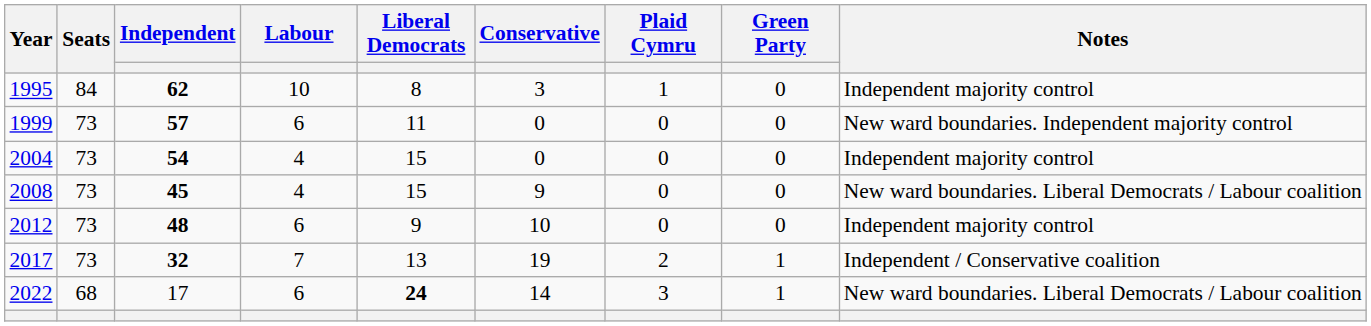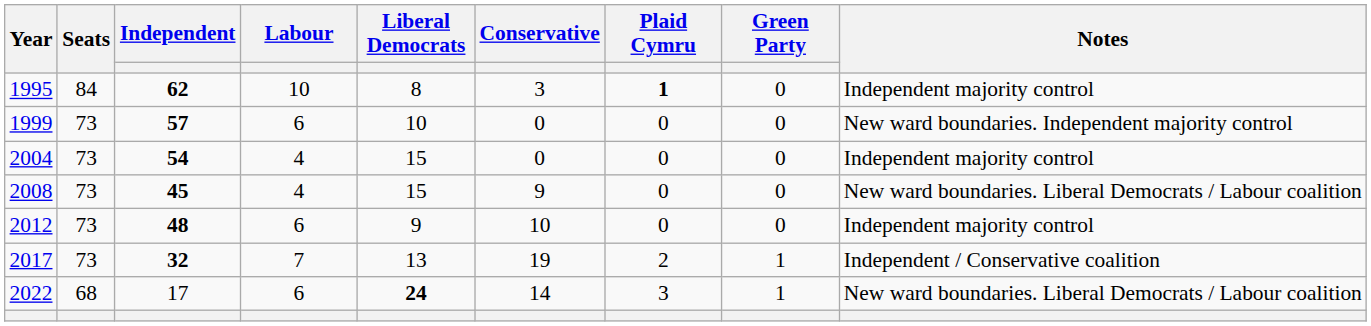 <table class="wikitable" style=text-align:center>
 <tr>
 <th rowspan=2>Year</th>
 <th rowspan=2>Seats</th>
 <th width="80"><a href='#'>Independent</a></th>
 <th width="80"><a href='#'>Labour</a></th>
 <th width="80"><a href='#'>Liberal Democrats</a></th>
 <th width="80"><a href='#'>Conservative</a></th>
 <th width="80"><a href='#'>Plaid Cymru</a></th>
 <th width="80"><a href='#'>Green Party</a></th>
 <th rowspan=2>Notes</th>
 </tr>
 <tr>
 <th style="background-color: "></th>
 <th style="background-color: "></th>
 <th style="background-color: "></th>
 <th style="background-color: "></th>
 <th style="background-color: "></th>
 <th style="background-color: "></th>
 </tr>
 <tr>
 <td><a href='#'>1995</a></td>
 <td>84</td>
 <td><strong>62</strong></td>
 <td>10</td>
 <td>8</td>
 <td>3</td>
-<td>1</td>
+<td><strong>1</strong></td>
 <td>0</td>
 <td align=left>Independent majority control</td>
 </tr>
 <tr>
 <td><a href='#'>1999</a></td>
 <td>73</td>
 <td><strong>57</strong></td>
 <td>6</td>
-<td>11</td>
+<td>10</td>
 <td>0</td>
 <td>0</td>
 <td>0</td>
 <td align=left>New ward boundaries. Independent majority control</td>
 </tr>
 <tr>
 <td><a href='#'>2004</a></td>
 <td>73</td>
 <td><strong>54</strong></td>
 <td>4</td>
 <td>15</td>
 <td>0</td>
 <td>0</td>
 <td>0</td>
 <td align=left>Independent majority control</td>
 </tr>
 <tr>
 <td><a href='#'>2008</a></td>
 <td>73</td>
 <td><strong>45</strong></td>
 <td>4</td>
 <td>15</td>
 <td>9</td>
 <td>0</td>
 <td>0</td>
 <td align=left>New ward boundaries. Liberal Democrats / Labour coalition</td>
 </tr>
 <tr>
 <td><a href='#'>2012</a></td>
 <td>73</td>
 <td><strong>48</strong></td>
 <td>6</td>
 <td>9</td>
 <td>10</td>
 <td>0</td>
 <td>0</td>
 <td align=left>Independent majority control</td>
 </tr>
 <tr>
 <td><a href='#'>2017</a></td>
 <td>73</td>
 <td><strong>32</strong></td>
 <td>7</td>
 <td>13</td>
 <td>19</td>
 <td>2</td>
 <td>1</td>
 <td align=left>Independent / Conservative coalition</td>
 </tr>
 <tr>
 <td><a href='#'>2022</a></td>
 <td>68</td>
 <td>17</td>
 <td>6</td>
 <td><strong>24</strong></td>
 <td>14</td>
 <td>3</td>
 <td>1</td>
 <td align=left>New ward boundaries. Liberal Democrats / Labour coalition</td>
 </tr>
 <tr>
 <th></th>
 <th></th>
 <th style="background-color: "></th>
 <th style="background-color: "></th>
 <th style="background-color: "></th>
 <th style="background-color: "></th>
 <th style="background-color: "></th>
 <th style="background-color: "></th>
 <th></th>
 </tr>
 </table>
